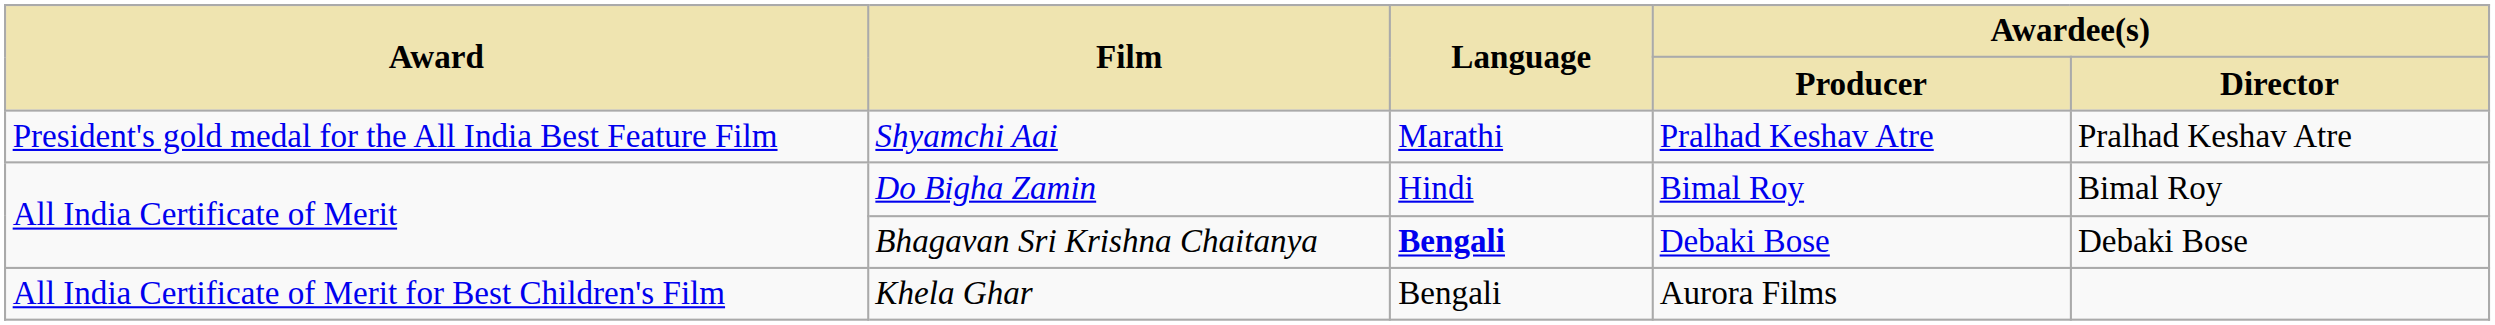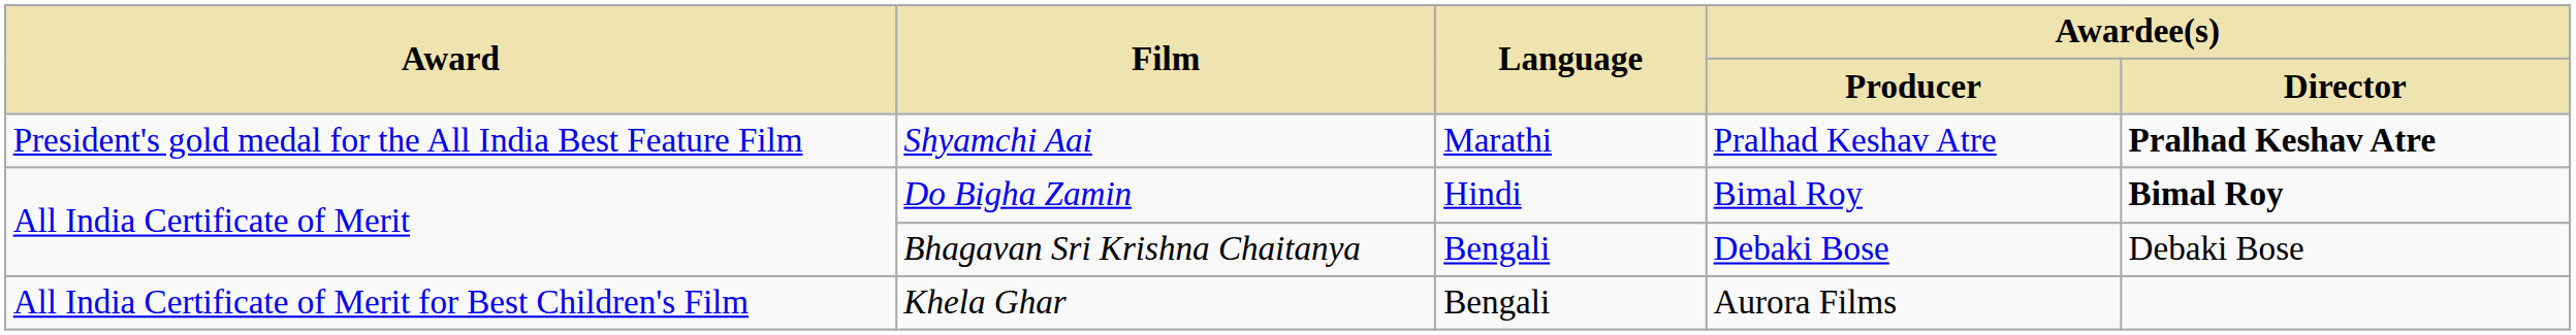 <table class="wikitable sortable" style="width:95%">
 <tr>
 <th scope="col" rowspan="2" style="background-color:#EFE4B0;width:33%;">Award</th>
 <th scope="col" rowspan="2" style="background-color:#EFE4B0;width:20%;">Film</th>
 <th scope="col" rowspan="2" style="background-color:#EFE4B0;width:10%;">Language</th>
 <th scope="col" colspan="2" style="background-color:#EFE4B0;width:32%;">Awardee(s)</th>
 </tr>
 <tr>
 <th scope="col" style="background-color:#EFE4B0;">Producer</th>
 <th scope="col" style="background-color:#EFE4B0;">Director</th>
 </tr>
 <tr>
 <td><a href='#'>President's gold medal for the All India Best Feature Film</a></td>
 <td><em><a href='#'>Shyamchi Aai</a></em></td>
 <td><a href='#'>Marathi</a></td>
 <td><a href='#'>Pralhad Keshav Atre</a></td>
-<td>Pralhad Keshav Atre</td>
+<td><strong>Pralhad Keshav Atre</strong></td>
 </tr>
 <tr>
 <td rowspan="2"><a href='#'>All India Certificate of Merit</a></td>
 <td><em><a href='#'>Do Bigha Zamin</a></em></td>
 <td><a href='#'>Hindi</a></td>
 <td><a href='#'>Bimal Roy</a></td>
-<td>Bimal Roy</td>
+<td><strong>Bimal Roy</strong></td>
 </tr>
 <tr>
 <td><em>Bhagavan Sri Krishna Chaitanya</em></td>
-<td><strong><a href='#'>Bengali</a></strong></td>
+<td><a href='#'>Bengali</a></td>
 <td><a href='#'>Debaki Bose</a></td>
 <td>Debaki Bose</td>
 </tr>
 <tr>
 <td><a href='#'>All India Certificate of Merit for Best Children's Film</a></td>
 <td><em>Khela Ghar</em></td>
 <td>Bengali</td>
 <td>Aurora Films</td>
 <td></td>
 </tr>
 </table>
